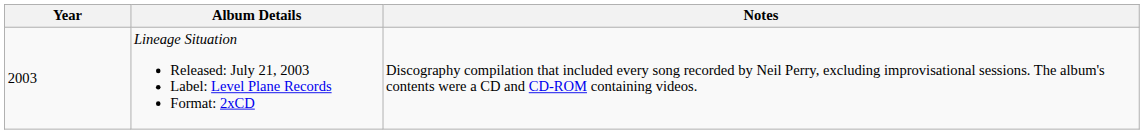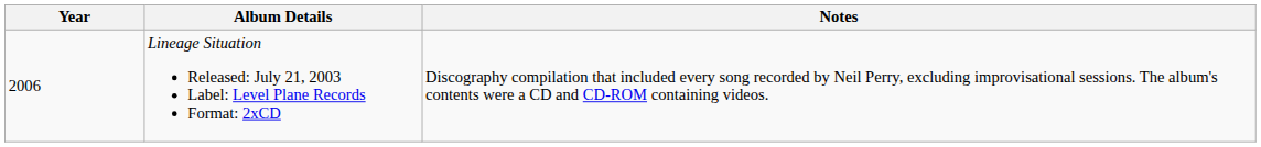 <table class ="wikitable">
 <tr>
 <th style="width: 5%">Year</th>
 <th style="width:10%">Album Details</th>
 <th style="width:30%">Notes</th>
 </tr>
 <tr>
-<td>2003</td>
+<td>2006</td>
 <td><em>Lineage Situation</em><br><ul><li>Released: July 21, 2003</li><li>Label: <a href='#'>Level Plane Records</a></li><li>Format: <a href='#'>2xCD</a></li></ul></td>
 <td>Discography compilation that included every song recorded by Neil Perry, excluding improvisational sessions. The album's contents were a CD and <a href='#'>CD-ROM</a> containing videos.</td>
 </tr>
 </table>
